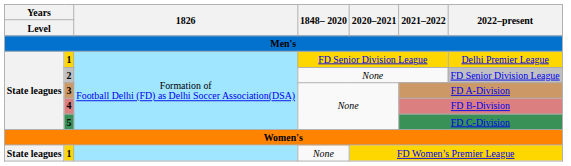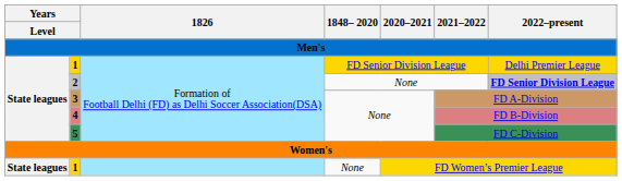 <table class="wikitable" style="text-align: center; font-size: 11px ;">
 <tr>
 <th colspan="2">Years</th>
 <th rowspan="2">1826</th>
 <th rowspan="2">1848– 2020</th>
 <th rowspan="2">2020–2021</th>
 <th rowspan="2">2021–2022</th>
 <th rowspan="2">2022–present</th>
 </tr>
 <tr>
 <th colspan="2"><strong>Level</strong></th>
 </tr>
 <tr>
 <td colspan="7" bgcolor="#0372cf"><strong>Men's</strong></td>
 </tr>
 <tr>
 <th rowspan="5">State leagues</th>
 <td bgcolor="gold"><strong>1</strong></td>
 <td rowspan="5" bgcolor="#A1E6FF">Formation of <br><a href='#'>Football Delhi (FD) as Delhi Soccer Association(DSA)</a></td>
 <td colspan="3" bgcolor="gold"><a href='#'>FD Senior Division League</a></td>
 <td bgcolor="gold"><a href='#'>Delhi Premier League</a></td>
 </tr>
 <tr>
 <td bgcolor="silver"><strong>2</strong></td>
 <td colspan="3"><em>None</em></td>
-<td bgcolor="silver"><a href='#'>FD Senior Division League</a></td>
+<td bgcolor="silver"><strong><a href='#'>FD Senior Division League</a></strong></td>
 </tr>
 <tr>
 <td bgcolor="#cc9966"><strong>3</strong></td>
 <td colspan="2" rowspan="3"><em>None</em></td>
 <td colspan="2" bgcolor="#cc9966"><a href='#'>FD A-Division</a></td>
 </tr>
 <tr>
 <td bgcolor="#dc7f80"><strong>4</strong></td>
 <td colspan="2" bgcolor="#dc7f80"><a href='#'>FD B-Division</a></td>
 </tr>
 <tr>
 <td bgcolor="#399157"><strong>5</strong></td>
 <td colspan="2" bgcolor="#399157"><a href='#'>FD C-Division</a></td>
 </tr>
 <tr>
 <td colspan="7" bgcolor="#fe8300"><strong>Women's</strong></td>
 </tr>
 <tr>
 <th rowspan="2">State leagues</th>
 <td bgcolor="gold"><strong>1</strong></td>
 <td bgcolor="#A1E6FF"></td>
 <td><em>None</em></td>
 <td colspan="3" bgcolor="gold"><a href='#'>FD Women’s Premier League</a></td>
 </tr>
 </table>
